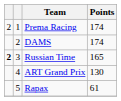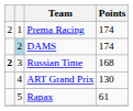 <table class="wikitable" style="font-size: 85%;">
 <tr>
 <th></th>
 <th></th>
 <th>Team</th>
 <th>Points</th>
 </tr>
 <tr>
 <td> 2</td>
 <td align="center">1</td>
 <td> <a href='#'>Prema Racing</a></td>
 <td>174</td>
 </tr>
 <tr>
 <td></td>
-<td align="center">2</td>
+<td align="center" style="background: lightblue;">2</td>
 <td> <a href='#'>DAMS</a></td>
 <td>174</td>
 </tr>
 <tr>
 <td><strong> 2</strong></td>
 <td align="center">3</td>
 <td> <a href='#'>Russian Time</a></td>
-<td>165</td>
+<td>168</td>
 </tr>
 <tr>
 <td></td>
 <td align="center">4</td>
 <td> <a href='#'>ART Grand Prix</a></td>
 <td>130</td>
 </tr>
 <tr>
 <td></td>
 <td align="center">5</td>
 <td> <a href='#'>Rapax</a></td>
 <td>61</td>
 </tr>
 <tr>
 </tr>
 </table>
